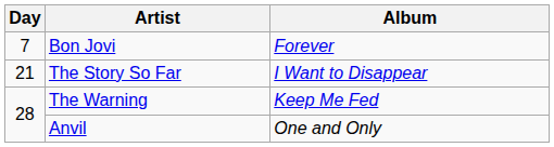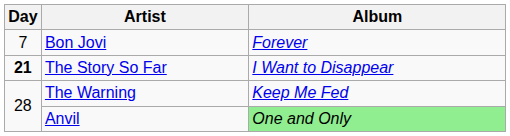 <table class="wikitable" id="table_June">
 <tr>
 <th style="width:20px;">Day</th>
 <th style="width:200px;">Artist</th>
 <th style="width:250px;">Album</th>
 </tr>
 <tr>
 <td style="text-align:center;" rowspan="1">7</td>
 <td><a href='#'>Bon Jovi</a></td>
 <td><em><a href='#'>Forever</a></em></td>
 </tr>
 <tr>
-<td style="text-align:center;" rowspan="1">21</td>
+<td style="text-align:center;" rowspan="1"><strong>21</strong></td>
 <td><a href='#'>The Story So Far</a></td>
 <td><em><a href='#'>I Want to Disappear</a></em></td>
 </tr>
 <tr>
 <td style="text-align:center;" rowspan="2">28</td>
 <td><a href='#'>The Warning</a></td>
 <td><em><a href='#'>Keep Me Fed</a></em></td>
 </tr>
 <tr>
 <td><a href='#'>Anvil</a></td>
-<td><em>One and Only</em></td>
+<td style="background: lightgreen;"><em>One and Only</em></td>
 </tr>
 </table>
